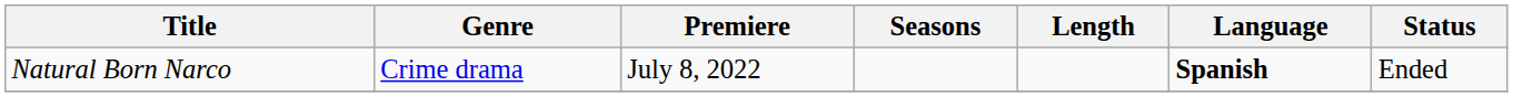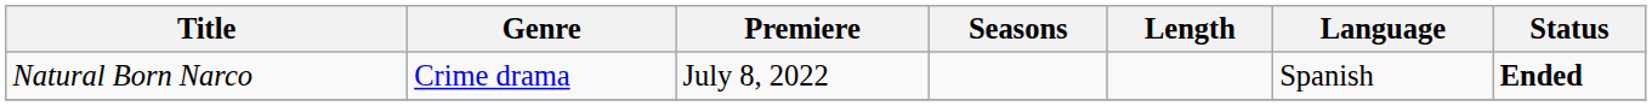 <table class="wikitable sortable" style="width:100%;">
 <tr>
 <th>Title</th>
 <th>Genre</th>
 <th>Premiere</th>
 <th>Seasons</th>
 <th>Length</th>
 <th>Language</th>
 <th>Status</th>
 </tr>
 <tr>
 <td><em>Natural Born Narco</em></td>
 <td><a href='#'>Crime drama</a></td>
 <td>July 8, 2022</td>
 <td></td>
 <td></td>
-<td><strong>Spanish</strong></td>
-<td>Ended</td>
+<td>Spanish</td>
+<td><strong>Ended</strong></td>
 </tr>
 <tr>
 </tr>
 </table>
